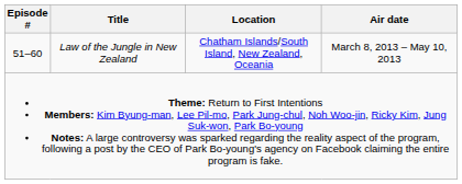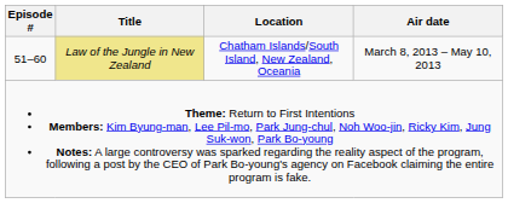 <table class="wikitable" style="text-align:center; font-size:90%; width:100%;">
 <tr>
 <th width="10%">Episode #</th>
 <th width="30%">Title</th>
 <th width="30%">Location</th>
 <th width="30%">Air date</th>
 </tr>
 <tr>
 <td>51–60</td>
-<td><em>Law of the Jungle in New Zealand</em></td>
+<td style="background: khaki;"><em>Law of the Jungle in New Zealand</em></td>
 <td><a href='#'>Chatham Islands</a>/<a href='#'>South Island</a>, <a href='#'>New Zealand</a>, <a href='#'>Oceania</a></td>
 <td>March 8, 2013 – May 10, 2013</td>
 </tr>
 <tr>
 <td colspan="4"><br><ul><li><strong>Theme:</strong> Return to First Intentions</li><li><strong>Members:</strong> <a href='#'>Kim Byung-man</a>, <a href='#'>Lee Pil-mo</a>, <a href='#'>Park Jung-chul</a>, <a href='#'>Noh Woo-jin</a>, <a href='#'>Ricky Kim</a>, <a href='#'>Jung Suk-won</a>, <a href='#'>Park Bo-young</a></li><li><strong>Notes:</strong> A large controversy was sparked regarding the reality aspect of the program, following a post by the CEO of Park Bo-young's agency on Facebook claiming the entire program is fake.</li></ul></td>
 </tr>
 </table>
